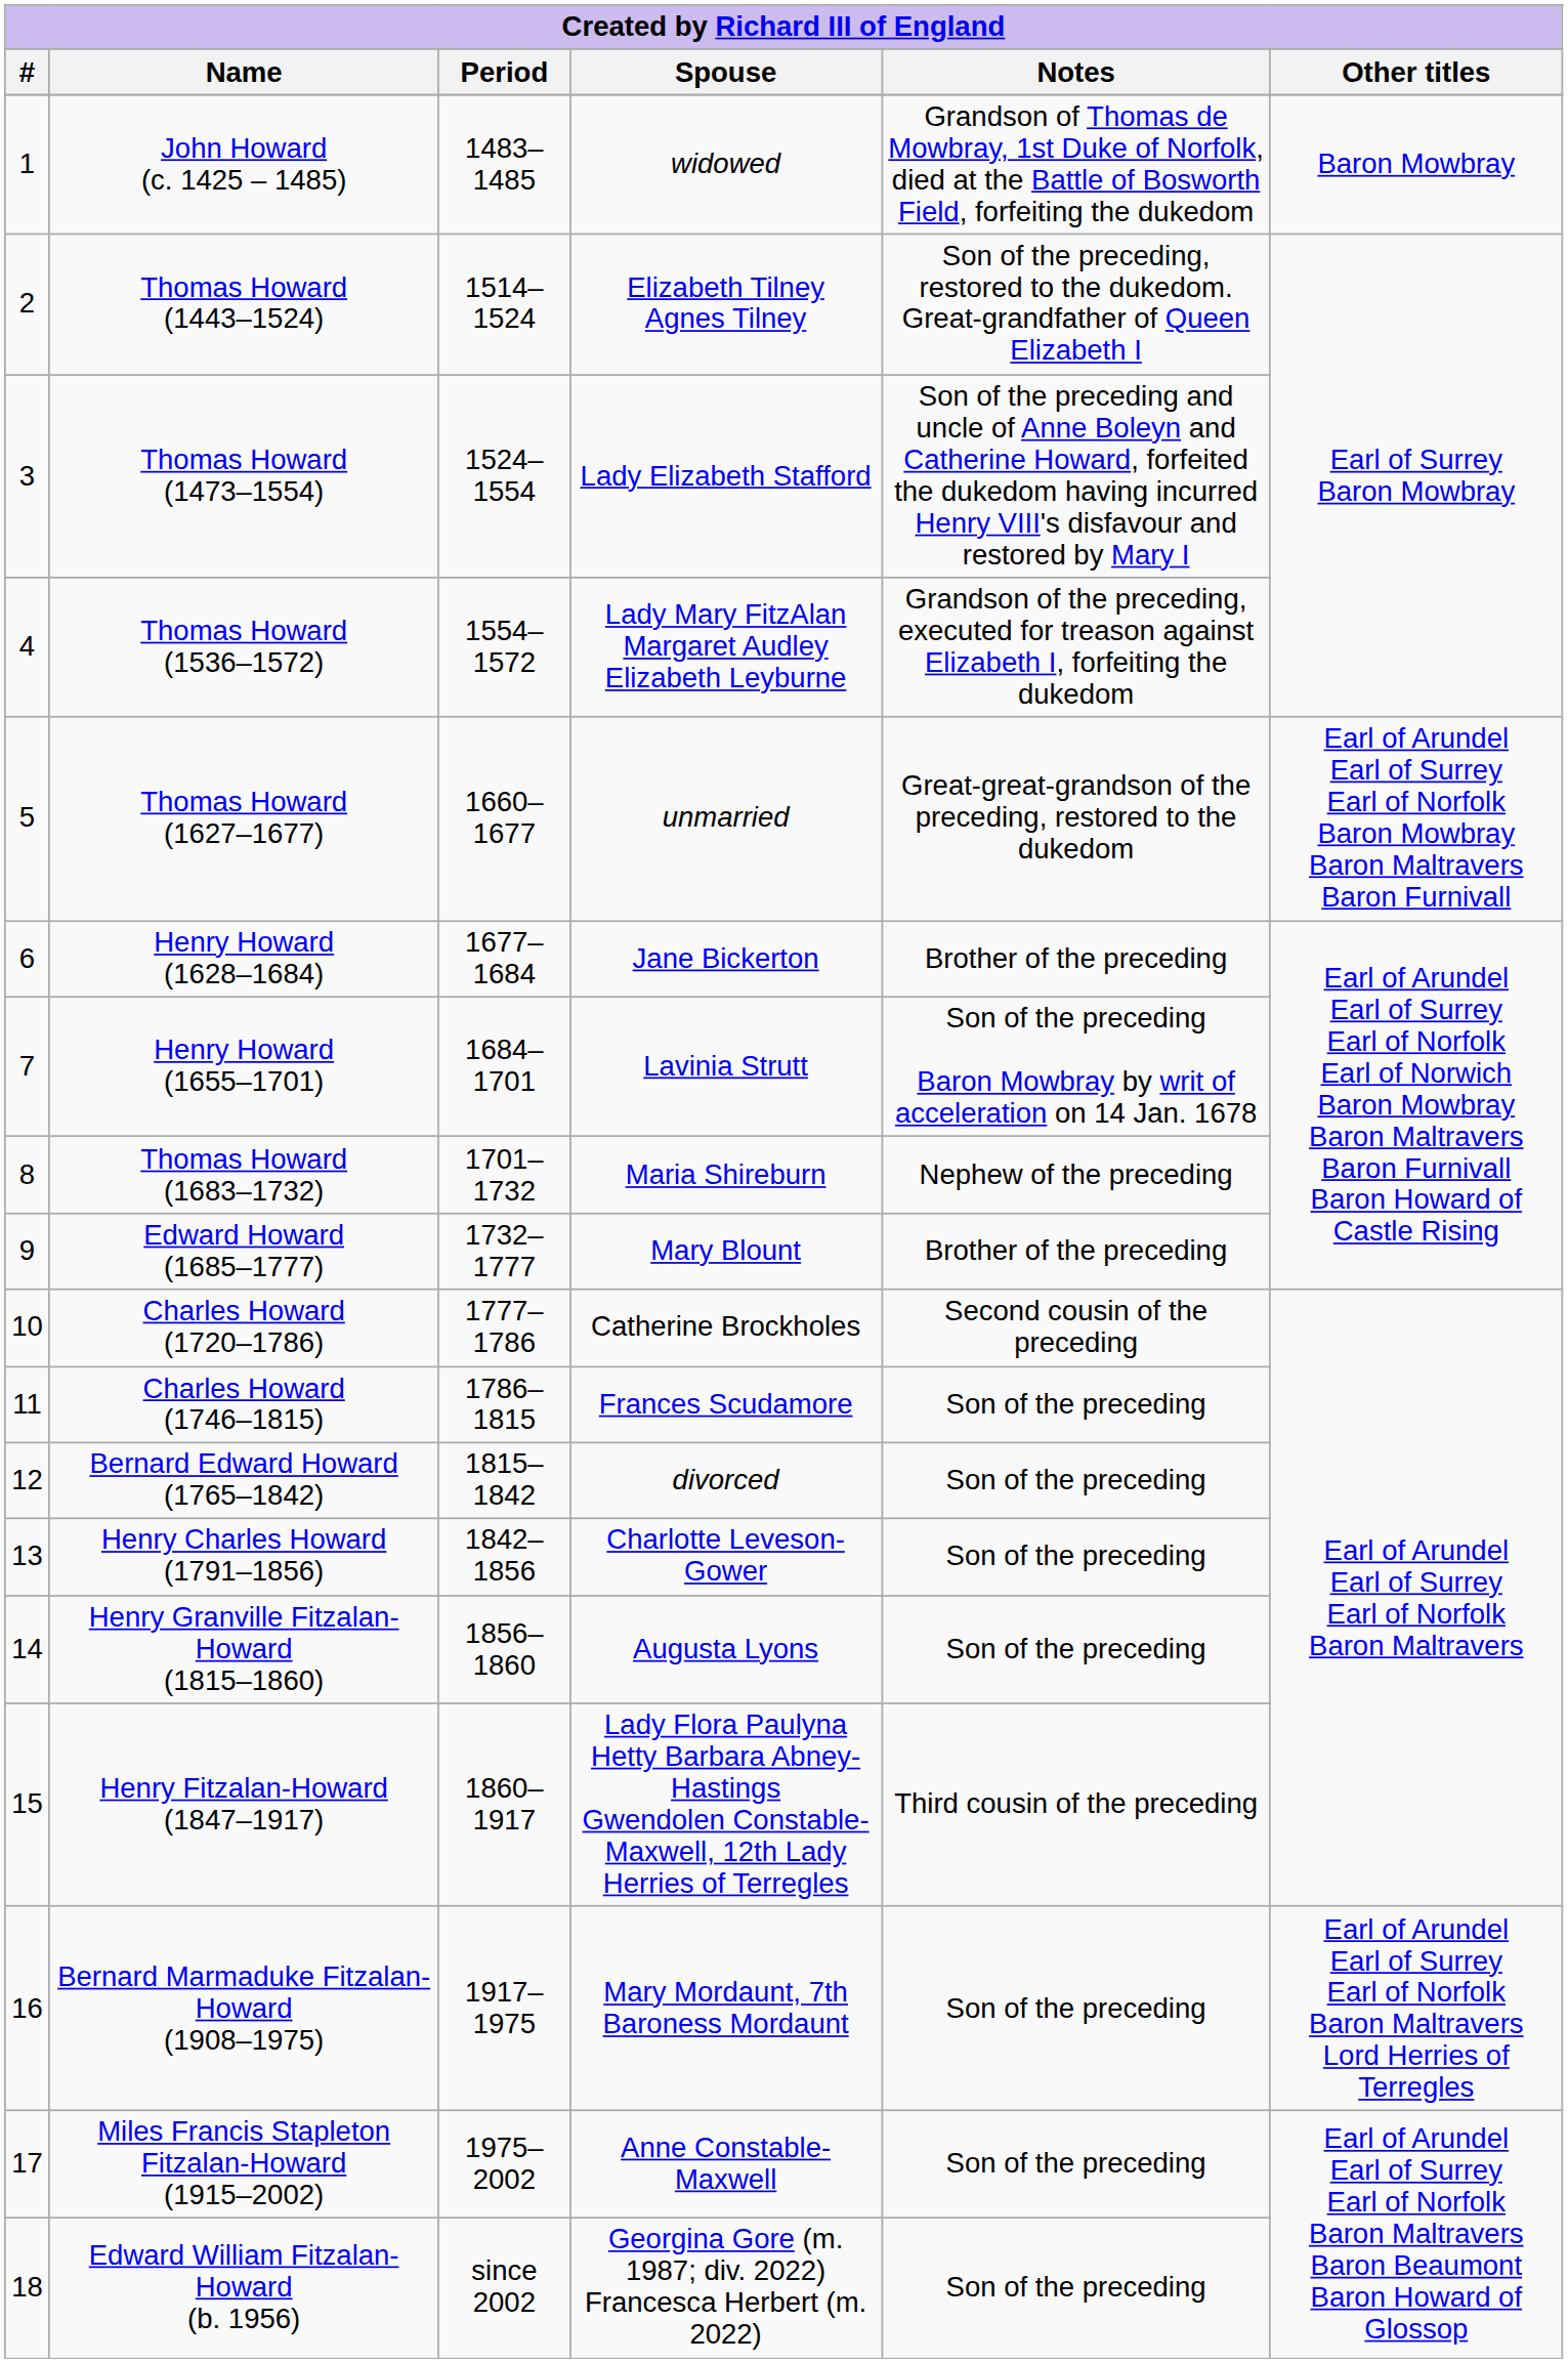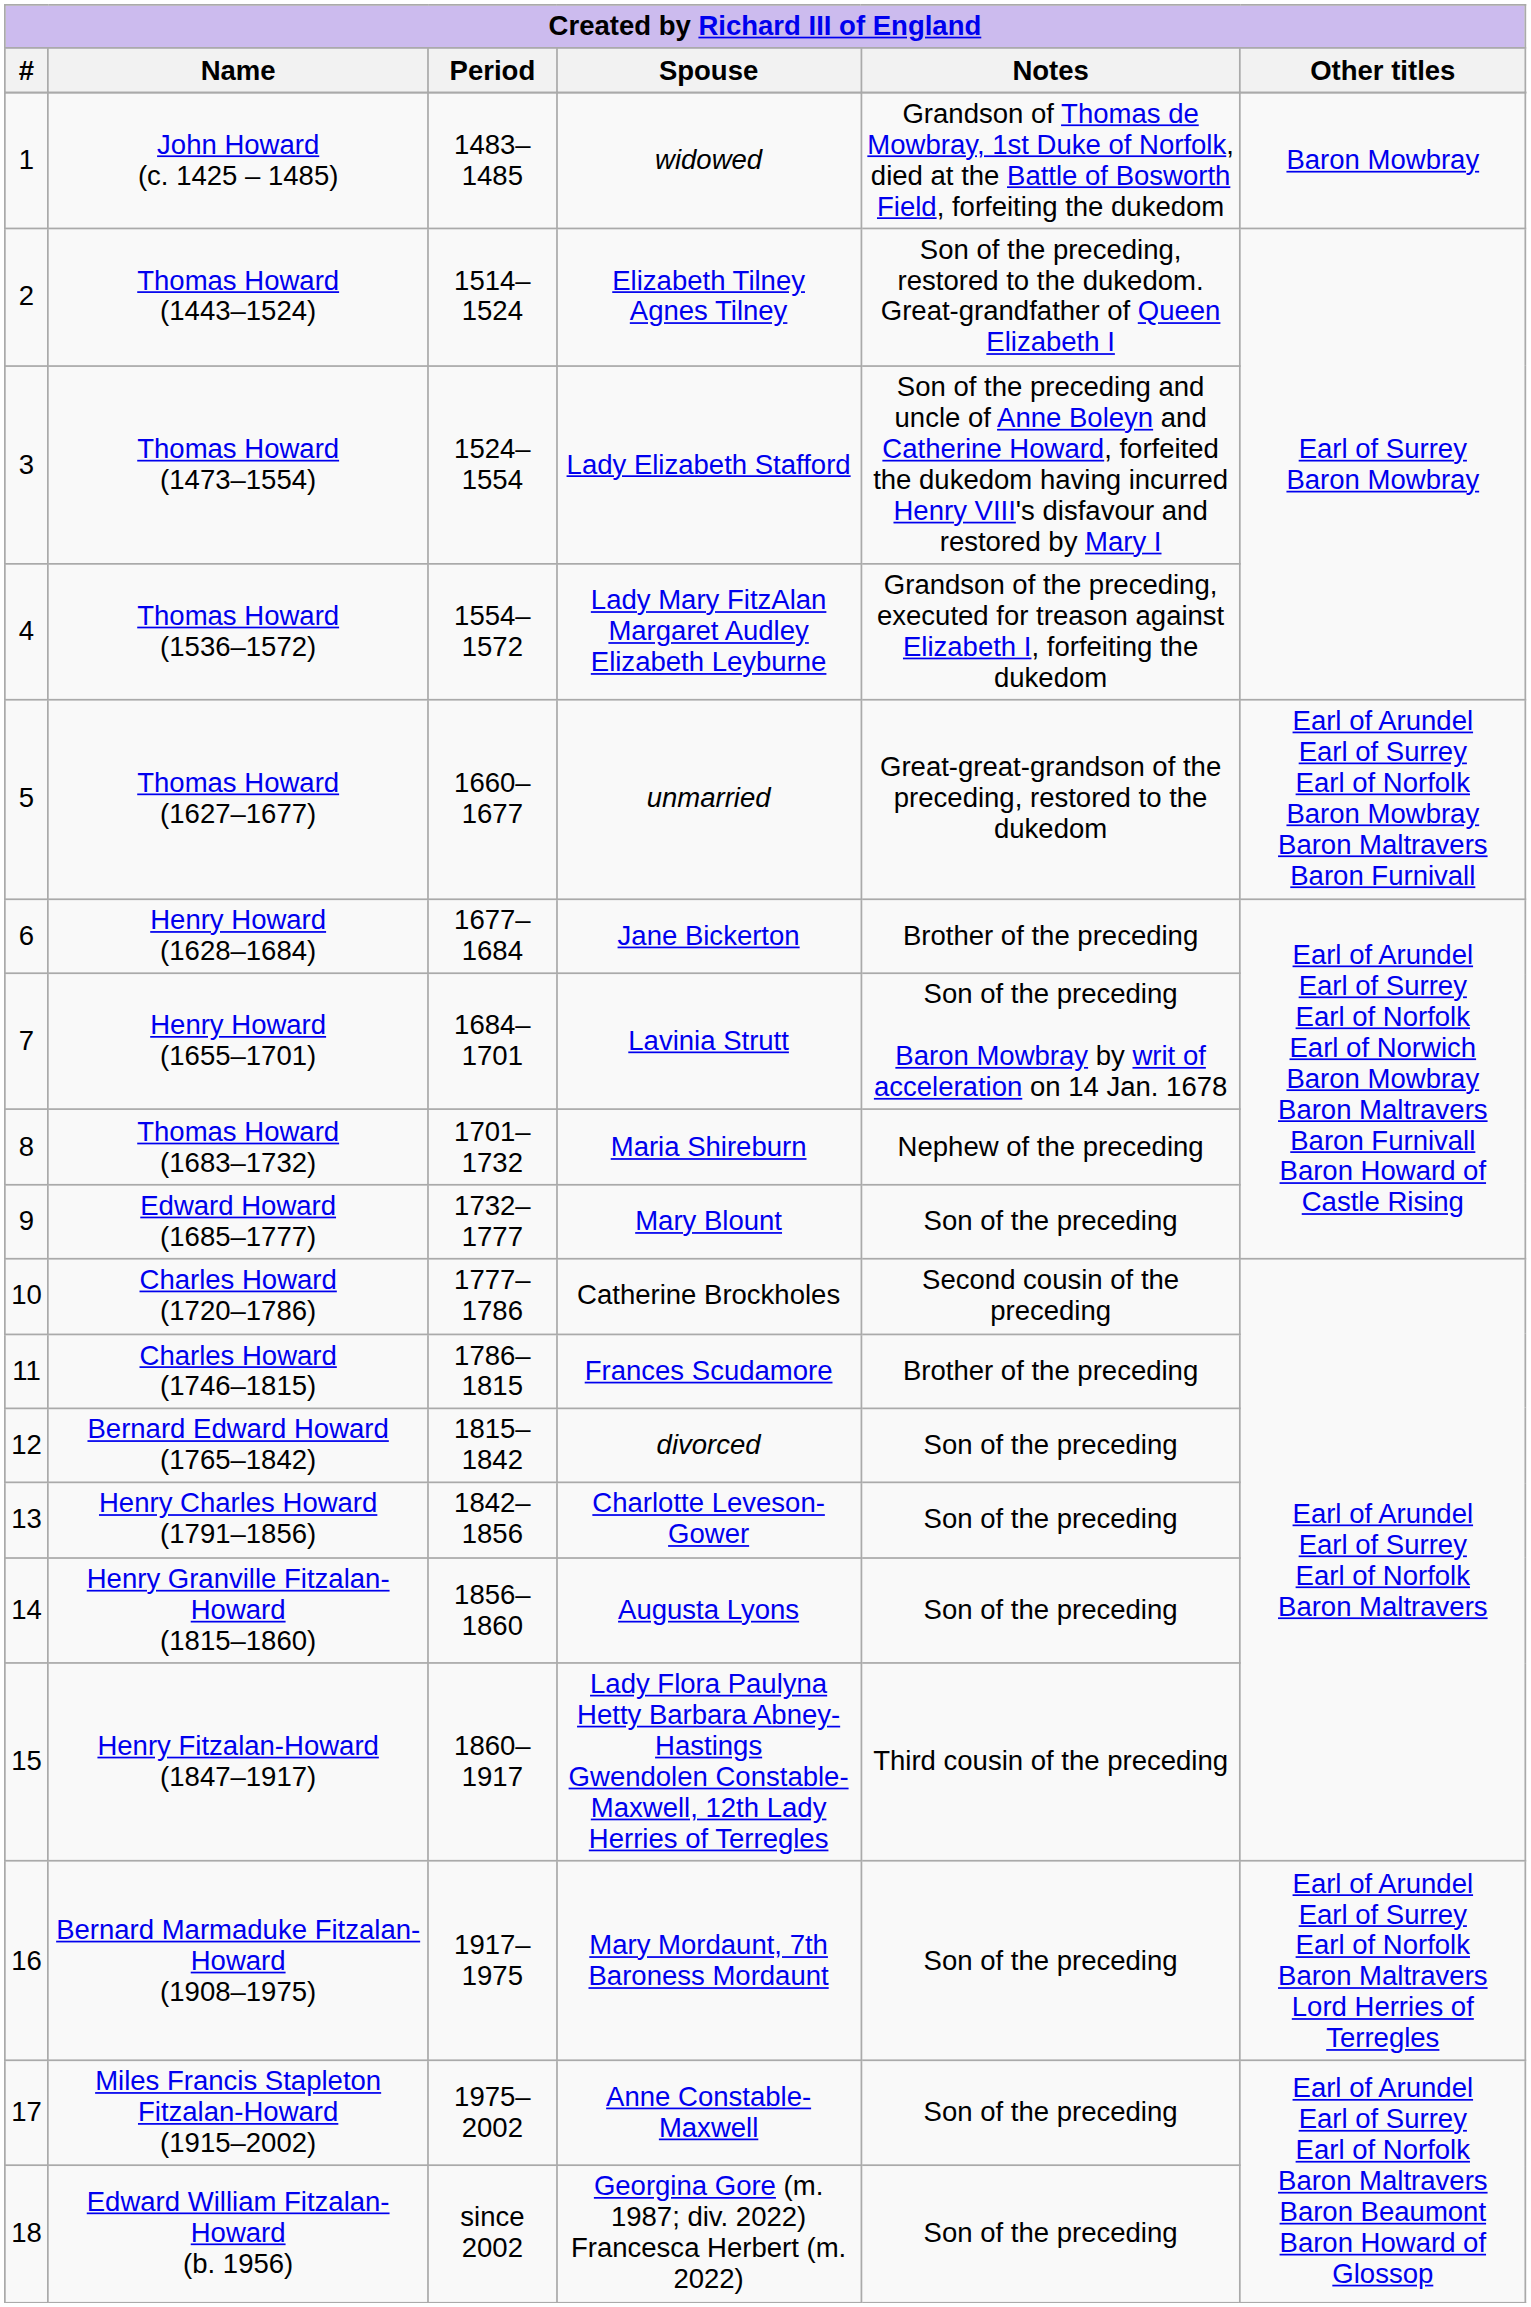 <table style="text-align:center; width:70%" class="wikitable">
 <tr>
 <th colspan="6" style="background-color: #cbe">Created by <a href='#'>Richard III of England</a></th>
 </tr>
 <tr>
 <th style="width:10%%">#</th>
 <th style="width:25%">Name</th>
 <th>Period</th>
 <th style="width:20%">Spouse</th>
 <th style="width:25%">Notes</th>
 <th>Other titles</th>
 </tr>
 <tr bgcolor="#dddddd" |>
 </tr>
 <tr>
 <td>1</td>
 <td><a href='#'>John Howard</a><br>(c. 1425 – 1485)</td>
 <td>1483–1485</td>
 <td><em>widowed</em></td>
 <td>Grandson of <a href='#'>Thomas de Mowbray, 1st Duke of Norfolk</a>, died at the <a href='#'>Battle of Bosworth Field</a>, forfeiting the dukedom</td>
 <td><a href='#'>Baron Mowbray</a></td>
 </tr>
 <tr>
 <td>2</td>
 <td><a href='#'>Thomas Howard</a><br>(1443–1524)</td>
 <td>1514–1524</td>
 <td><a href='#'>Elizabeth Tilney</a><br><a href='#'>Agnes Tilney</a></td>
 <td>Son of the preceding, restored to the dukedom. Great-grandfather of <a href='#'>Queen Elizabeth I</a></td>
 <td rowspan="3"><a href='#'>Earl of Surrey</a><br><a href='#'>Baron Mowbray</a></td>
 </tr>
 <tr>
 <td>3</td>
 <td><a href='#'>Thomas Howard</a><br>(1473–1554)</td>
 <td>1524–1554</td>
 <td><a href='#'>Lady Elizabeth Stafford</a></td>
 <td>Son of the preceding and uncle of <a href='#'>Anne Boleyn</a> and <a href='#'>Catherine Howard</a>, forfeited the dukedom having incurred <a href='#'>Henry VIII</a>'s disfavour and restored by <a href='#'>Mary I</a></td>
 </tr>
 <tr>
 <td>4</td>
 <td><a href='#'>Thomas Howard</a><br>(1536–1572)</td>
 <td>1554–1572</td>
 <td><a href='#'>Lady Mary FitzAlan</a><br><a href='#'>Margaret Audley</a><br><a href='#'>Elizabeth Leyburne</a></td>
 <td>Grandson of the preceding, executed for treason against <a href='#'>Elizabeth I</a>, forfeiting the dukedom</td>
 </tr>
 <tr>
 <td>5</td>
 <td><a href='#'>Thomas Howard</a><br>(1627–1677)</td>
 <td>1660–1677</td>
 <td><em>unmarried</em></td>
 <td>Great-great-grandson of the preceding, restored to the dukedom</td>
 <td><a href='#'>Earl of Arundel</a><br><a href='#'>Earl of Surrey</a><br><a href='#'>Earl of Norfolk</a><br><a href='#'>Baron Mowbray</a><br><a href='#'>Baron Maltravers</a><br><a href='#'>Baron Furnivall</a></td>
 </tr>
 <tr>
 <td>6</td>
 <td><a href='#'>Henry Howard</a><br>(1628–1684)</td>
 <td>1677–1684</td>
 <td><a href='#'>Jane Bickerton</a></td>
 <td>Brother of the preceding</td>
 <td rowspan="4"><a href='#'>Earl of Arundel</a><br><a href='#'>Earl of Surrey</a><br><a href='#'>Earl of Norfolk</a><br><a href='#'>Earl of Norwich</a><br><a href='#'>Baron Mowbray</a><br><a href='#'>Baron Maltravers</a><br><a href='#'>Baron Furnivall</a><br><a href='#'>Baron Howard of Castle Rising</a></td>
 </tr>
 <tr>
 <td>7</td>
 <td><a href='#'>Henry Howard</a><br>(1655–1701)</td>
 <td>1684–1701</td>
 <td><a href='#'>Lavinia Strutt</a></td>
 <td>Son of the preceding<br><br><a href='#'>Baron Mowbray</a> by <a href='#'>writ of acceleration</a> on 14 Jan. 1678</td>
 </tr>
 <tr>
 <td>8</td>
 <td><a href='#'>Thomas Howard</a><br>(1683–1732)</td>
 <td>1701–1732</td>
 <td><a href='#'>Maria Shireburn</a></td>
 <td>Nephew of the preceding</td>
 </tr>
 <tr>
 <td>9</td>
 <td><a href='#'>Edward Howard</a><br>(1685–1777)</td>
 <td>1732–1777</td>
 <td><a href='#'>Mary Blount</a></td>
-<td>Brother of the preceding</td>
+<td>Son of the preceding</td>
 </tr>
 <tr>
 <td>10</td>
 <td><a href='#'>Charles Howard</a><br>(1720–1786)</td>
 <td>1777–1786</td>
 <td>Catherine Brockholes</td>
 <td>Second cousin of the preceding</td>
 <td rowspan="6"><a href='#'>Earl of Arundel</a><br><a href='#'>Earl of Surrey</a><br><a href='#'>Earl of Norfolk</a><br><a href='#'>Baron Maltravers</a></td>
 </tr>
 <tr>
 <td>11</td>
 <td><a href='#'>Charles Howard</a><br>(1746–1815)</td>
 <td>1786–1815</td>
 <td><a href='#'>Frances Scudamore</a></td>
-<td>Son of the preceding</td>
+<td>Brother of the preceding</td>
 </tr>
 <tr>
 <td>12</td>
 <td><a href='#'>Bernard Edward Howard</a><br>(1765–1842)</td>
 <td>1815–1842</td>
 <td><em>divorced</em></td>
 <td>Son of the preceding</td>
 </tr>
 <tr>
 <td>13</td>
 <td><a href='#'>Henry Charles Howard</a><br>(1791–1856)</td>
 <td>1842–1856</td>
 <td><a href='#'>Charlotte Leveson-Gower</a></td>
 <td>Son of the preceding</td>
 </tr>
 <tr>
 <td>14</td>
 <td><a href='#'>Henry Granville Fitzalan-Howard</a><br>(1815–1860)</td>
 <td>1856–1860</td>
 <td><a href='#'>Augusta Lyons</a></td>
 <td>Son of the preceding</td>
 </tr>
 <tr>
 <td>15</td>
 <td><a href='#'>Henry Fitzalan-Howard</a><br>(1847–1917)</td>
 <td>1860–1917</td>
 <td><a href='#'>Lady Flora Paulyna Hetty Barbara Abney-Hastings</a><br><a href='#'>Gwendolen Constable-Maxwell, 12th Lady Herries of Terregles</a></td>
 <td>Third cousin of the preceding</td>
 </tr>
 <tr>
 <td>16</td>
 <td><a href='#'>Bernard Marmaduke Fitzalan-Howard</a><br>(1908–1975)</td>
 <td>1917–1975</td>
 <td><a href='#'>Mary Mordaunt, 7th Baroness Mordaunt</a></td>
 <td>Son of the preceding</td>
 <td rowspan="1"><a href='#'>Earl of Arundel</a><br><a href='#'>Earl of Surrey</a><br><a href='#'>Earl of Norfolk</a><br><a href='#'>Baron Maltravers</a><br><a href='#'>Lord Herries of Terregles</a></td>
 </tr>
 <tr>
 <td>17</td>
 <td><a href='#'>Miles Francis Stapleton Fitzalan-Howard</a><br>(1915–2002)</td>
 <td>1975–2002</td>
 <td><a href='#'>Anne Constable-Maxwell</a></td>
 <td>Son of the preceding</td>
 <td rowspan="2"><a href='#'>Earl of Arundel</a><br><a href='#'>Earl of Surrey</a><br><a href='#'>Earl of Norfolk</a><br><a href='#'>Baron Maltravers</a><br><a href='#'>Baron Beaumont</a><br><a href='#'>Baron Howard of Glossop</a></td>
 </tr>
 <tr>
 <td>18</td>
 <td><a href='#'>Edward William Fitzalan-Howard</a><br>(b. 1956)</td>
 <td>since 2002</td>
 <td><a href='#'>Georgina Gore</a> (<abbr>m.</abbr> 1987; <abbr>div.</abbr> 2022)<br>Francesca Herbert  (<abbr>m.</abbr> 2022)</td>
 <td>Son of the preceding</td>
 </tr>
 </table>
